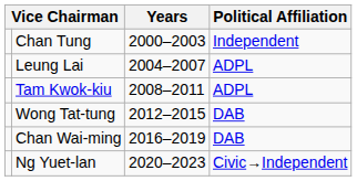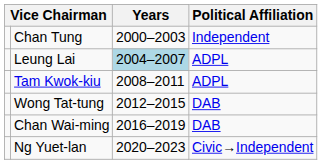 <table class="wikitable">
 <tr>
 <th colspan=2>Vice Chairman</th>
 <th>Years</th>
 <th>Political Affiliation</th>
 </tr>
 <tr>
 <td style="color:inherit;background:"></td>
 <td>Chan Tung</td>
 <td>2000–2003</td>
 <td><a href='#'>Independent</a></td>
 </tr>
 <tr>
 <td style="color:inherit;background:"></td>
 <td>Leung Lai</td>
-<td>2004–2007</td>
+<td style="background: lightblue;">2004–2007</td>
 <td><a href='#'>ADPL</a></td>
 </tr>
 <tr>
 <td style="color:inherit;background:"></td>
 <td><a href='#'>Tam Kwok-kiu</a></td>
 <td>2008–2011</td>
 <td><a href='#'>ADPL</a></td>
 </tr>
 <tr>
 <td style="color:inherit;background: "></td>
 <td>Wong Tat-tung</td>
 <td>2012–2015</td>
 <td><a href='#'>DAB</a></td>
 </tr>
 <tr>
 <td style="color:inherit;background: "></td>
 <td>Chan Wai-ming</td>
 <td>2016–2019</td>
 <td><a href='#'>DAB</a></td>
 </tr>
 <tr>
 <td style="color:inherit;background: "></td>
 <td>Ng Yuet-lan</td>
 <td>2020–2023</td>
 <td><a href='#'>Civic</a>→<a href='#'>Independent</a></td>
 </tr>
 </table>
